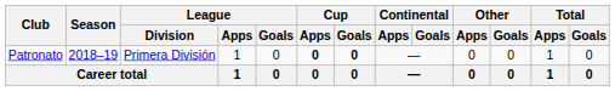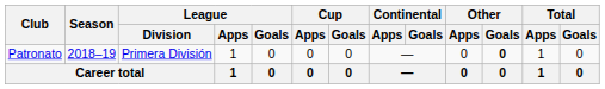 <table class="wikitable" style="text-align:center">
 <tr>
 <th rowspan="2">Club</th>
 <th rowspan="2">Season</th>
 <th colspan="3">League</th>
 <th colspan="2">Cup</th>
 <th colspan="2">Continental</th>
 <th colspan="2">Other</th>
 <th colspan="2">Total</th>
 </tr>
 <tr>
 <th>Division</th>
 <th>Apps</th>
 <th>Goals</th>
 <th>Apps</th>
 <th>Goals</th>
 <th>Apps</th>
 <th>Goals</th>
 <th>Apps</th>
 <th>Goals</th>
 <th>Apps</th>
 <th>Goals</th>
 </tr>
 <tr>
 <td rowspan="1"><a href='#'>Patronato</a></td>
 <td><a href='#'>2018–19</a></td>
 <td rowspan="1"><a href='#'>Primera División</a></td>
 <td>1</td>
 <td>0</td>
-<td><strong>0</strong></td>
-<td><strong>0</strong></td>
+<td>0</td>
+<td>0</td>
 <td colspan="2">—</td>
 <td>0</td>
-<td>0</td>
+<td><strong>0</strong></td>
 <td>1</td>
 <td>0</td>
 </tr>
 <tr>
 <th colspan="3">Career total</th>
 <th>1</th>
 <th>0</th>
 <th>0</th>
 <th>0</th>
 <th colspan="2">—</th>
 <th>0</th>
 <th>0</th>
 <th>1</th>
 <th>0</th>
 </tr>
 </table>
